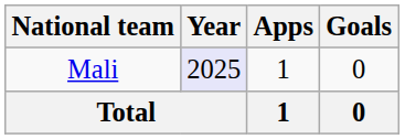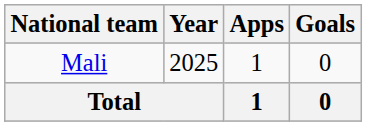 <table class="wikitable" style="text-align: center;">
 <tr>
 <th>National team</th>
 <th>Year</th>
 <th>Apps</th>
 <th>Goals</th>
 </tr>
 <tr>
 <td rowspan="1"><a href='#'>Mali</a></td>
-<td style="background: lavender;">2025</td>
+<td>2025</td>
 <td>1</td>
 <td>0</td>
 </tr>
 <tr>
 <th colspan="2">Total</th>
 <th>1</th>
 <th>0</th>
 </tr>
 </table>
